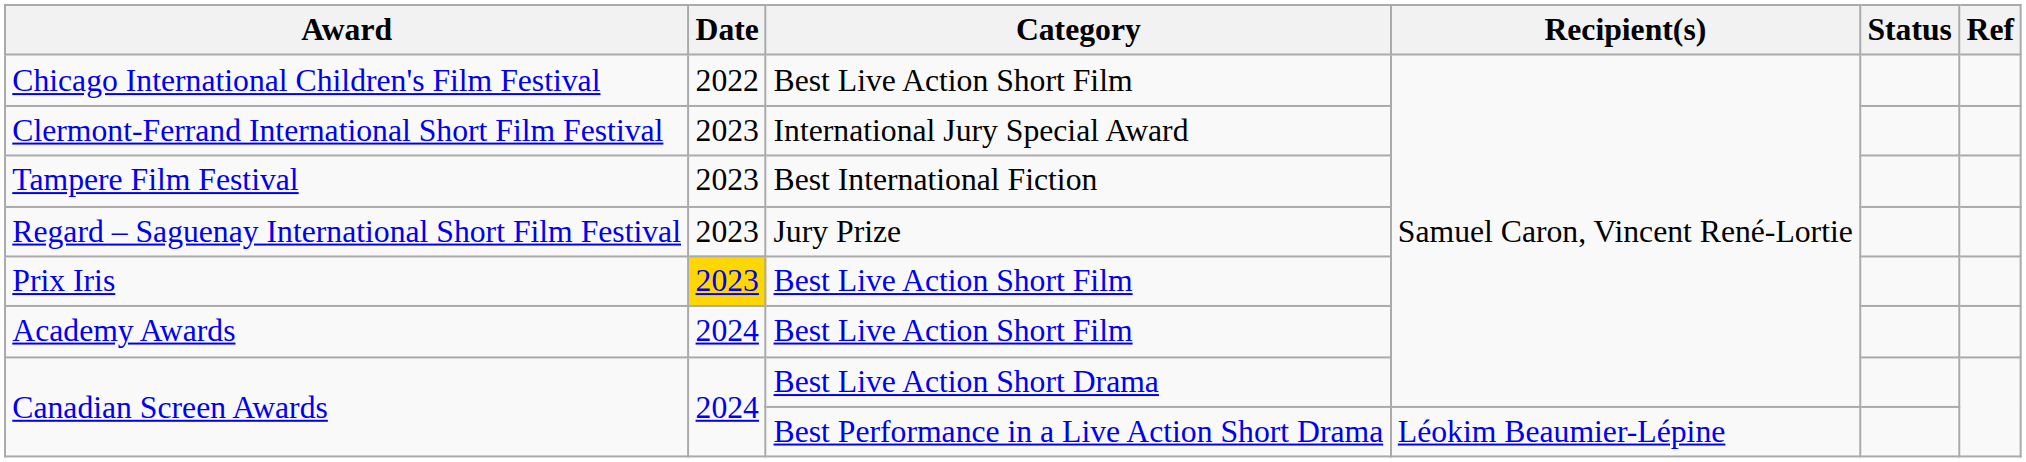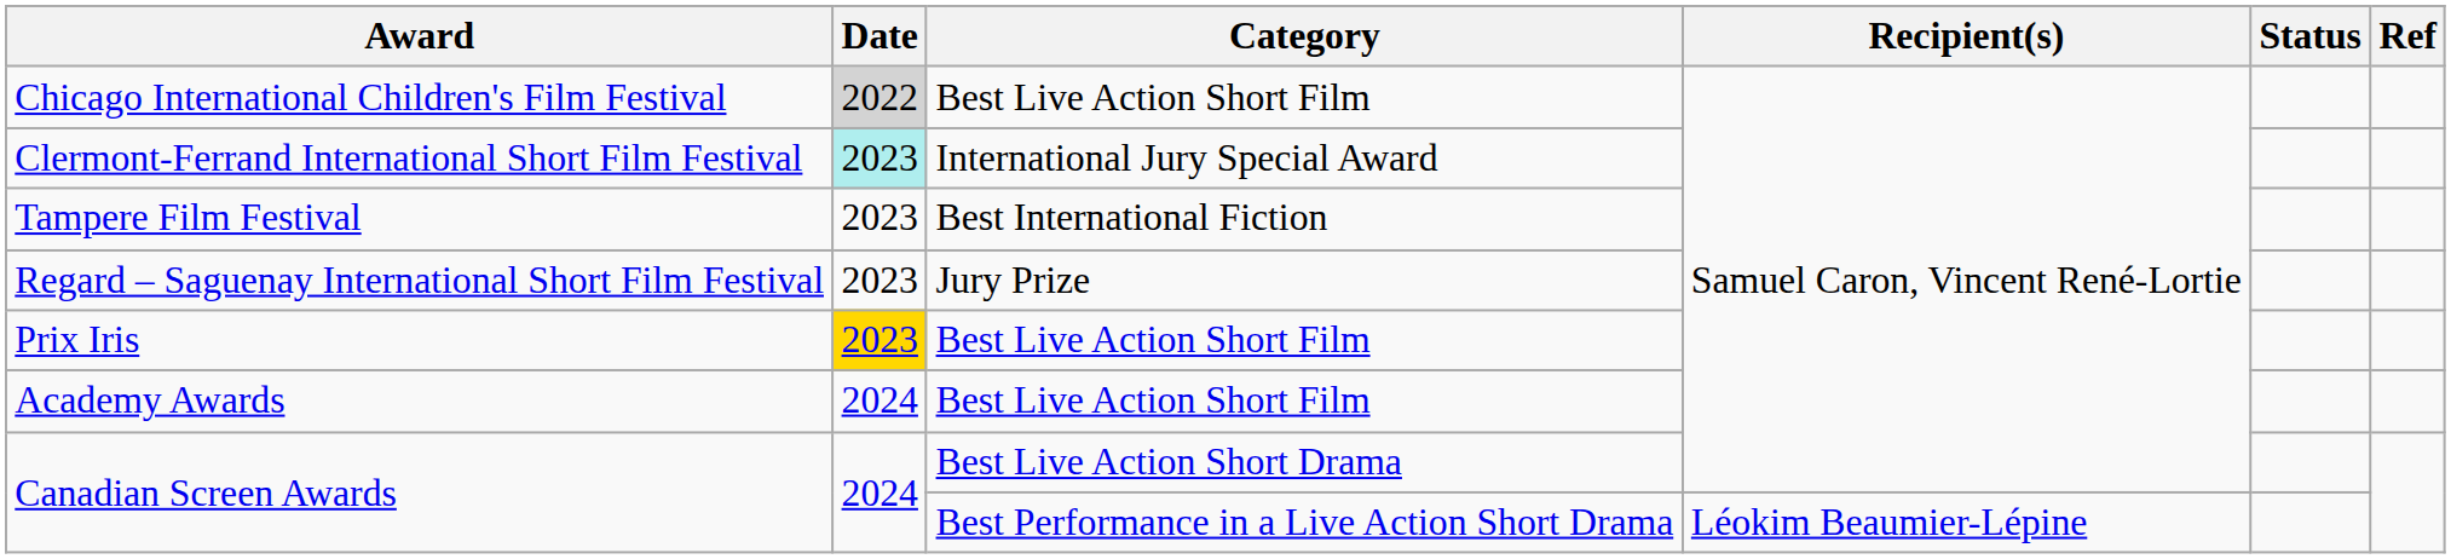 <table class="wikitable">
 <tr>
 <th>Award</th>
 <th>Date</th>
 <th>Category</th>
 <th>Recipient(s)</th>
 <th>Status</th>
 <th>Ref</th>
 </tr>
 <tr>
 <td><a href='#'>Chicago International Children's Film Festival</a></td>
-<td>2022</td>
+<td style="background: lightgrey;">2022</td>
 <td>Best Live Action Short Film</td>
 <td rowspan=7>Samuel Caron, Vincent René-Lortie</td>
 <td></td>
 <td></td>
 </tr>
 <tr>
 <td><a href='#'>Clermont-Ferrand International Short Film Festival</a></td>
-<td>2023</td>
+<td style="background: paleturquoise;">2023</td>
 <td>International Jury Special Award</td>
 <td></td>
 <td></td>
 </tr>
 <tr>
 <td><a href='#'>Tampere Film Festival</a></td>
 <td>2023</td>
 <td>Best International Fiction</td>
 <td></td>
 <td></td>
 </tr>
 <tr>
 <td><a href='#'>Regard – Saguenay International Short Film Festival</a></td>
 <td>2023</td>
 <td>Jury Prize</td>
 <td></td>
 <td></td>
 </tr>
 <tr>
 <td><a href='#'>Prix Iris</a></td>
 <td style="background: gold;"><a href='#'>2023</a></td>
 <td><a href='#'>Best Live Action Short Film</a></td>
 <td></td>
 <td></td>
 </tr>
 <tr>
 <td><a href='#'>Academy Awards</a></td>
 <td><a href='#'>2024</a></td>
 <td><a href='#'>Best Live Action Short Film</a></td>
 <td></td>
 <td></td>
 </tr>
 <tr>
 <td rowspan=2><a href='#'>Canadian Screen Awards</a></td>
 <td rowspan=2><a href='#'>2024</a></td>
 <td><a href='#'>Best Live Action Short Drama</a></td>
 <td></td>
 <td rowspan=2></td>
 </tr>
 <tr>
 <td><a href='#'>Best Performance in a Live Action Short Drama</a></td>
 <td><a href='#'>Léokim Beaumier-Lépine</a></td>
 <td></td>
 </tr>
 </table>
